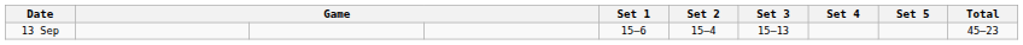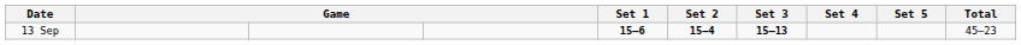 <table width=1200 class="wikitable">
 <tr>
 <th width=6%>Date</th>
 <th width=45% colspan=3>Game</th>
 <th width=6%>Set 1</th>
 <th width=6%>Set 2</th>
 <th width=6%>Set 3</th>
 <th width=6%>Set 4</th>
 <th width=6%>Set 5</th>
 <th width=6%>Total</th>
 </tr>
 <tr style=font-size:95%>
 <td align=center>13 Sep</td>
 <td align=center><strong></strong></td>
 <td></td>
 <td></td>
-<td align=center>15–6</td>
-<td align=center>15–4</td>
-<td align=center>15–13</td>
+<td align=center><strong>15–6</strong></td>
+<td align=center><strong>15–4</strong></td>
+<td align=center><strong>15–13</strong></td>
 <td align=center></td>
 <td align=center></td>
 <td align=center>45–23</td>
 </tr>
 </table>
